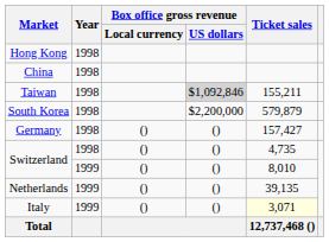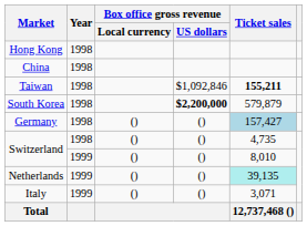 <table class="wikitable sortable" style="text-align:center;">
 <tr>
 <th rowspan="2"><a href='#'>Market</a></th>
 <th rowspan="2">Year</th>
 <th colspan="2"><a href='#'>Box office</a> gross revenue</th>
 <th rowspan="2"><a href='#'>Ticket sales</a></th>
 <th rowspan="2" class="unsortable"></th>
 </tr>
 <tr>
 <th class="unsortable">Local currency</th>
 <th><a href='#'>US dollars</a></th>
 </tr>
 <tr>
 <td><a href='#'>Hong Kong</a></td>
 <td>1998</td>
 <td></td>
 <td></td>
 <td></td>
 <td></td>
 </tr>
 <tr>
 <td><a href='#'>China</a></td>
 <td>1998</td>
 <td></td>
 <td></td>
 <td></td>
 <td></td>
 </tr>
 <tr>
 <td><a href='#'>Taiwan</a></td>
 <td>1998</td>
 <td></td>
-<td style="background: lightgrey;">$1,092,846</td>
-<td>155,211</td>
+<td>$1,092,846</td>
+<td><strong>155,211</strong></td>
 <td></td>
 </tr>
 <tr>
 <td><a href='#'>South Korea</a></td>
 <td>1998</td>
 <td></td>
-<td>$2,200,000</td>
+<td><strong>$2,200,000</strong></td>
 <td>579,879</td>
 <td></td>
 </tr>
 <tr>
 <td><a href='#'>Germany</a></td>
 <td>1998</td>
 <td> ()</td>
 <td> ()</td>
-<td>157,427</td>
+<td style="background: lightblue;">157,427</td>
 <td></td>
 </tr>
 <tr>
 <td rowspan="2">Switzerland</td>
 <td>1998</td>
 <td> ()</td>
 <td> ()</td>
 <td>4,735</td>
 <td rowspan="4"></td>
 </tr>
 <tr>
 <td>1999</td>
 <td> ()</td>
 <td> ()</td>
 <td>8,010</td>
 </tr>
 <tr>
 <td>Netherlands</td>
 <td>1999</td>
 <td> ()</td>
 <td> ()</td>
-<td>39,135</td>
+<td style="background: paleturquoise;">39,135</td>
 </tr>
 <tr>
 <td>Italy</td>
 <td>1999</td>
 <td> ()</td>
 <td> ()</td>
-<td style="background: lightyellow;">3,071</td>
+<td>3,071</td>
 </tr>
 <tr>
 <th>Total</th>
 <th></th>
 <th colspan="2"> </th>
 <th>12,737,468 ()</th>
 <th></th>
 </tr>
 </table>
